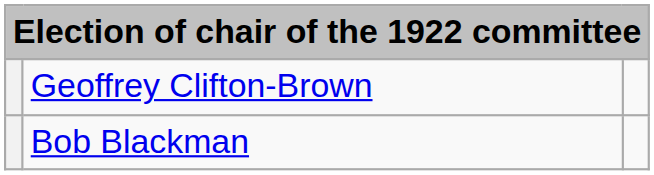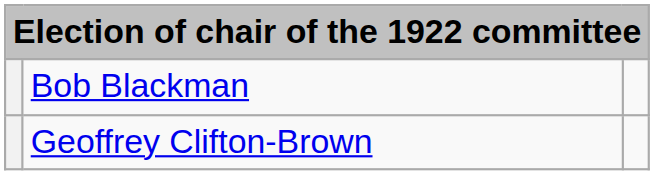 <table class="wikitable" style="text-align:center; font-size:98%;">
 <tr>
 <td colspan="3" align="center" bgcolor="#C0C0C0"><strong>Election of chair of the 1922 committee</strong></td>
 </tr>
 <tr>
 <th style="width:1px; background:"></th>
-<td style="text-align:left;"><a href='#'>Geoffrey Clifton-Brown</a></td>
+<td style="text-align:left;"><a href='#'>Bob Blackman</a></td>
 <td></td>
 </tr>
 <tr>
 <th style="width:1px; background:"></th>
-<td style="text-align:left;"><a href='#'>Bob Blackman</a></td>
+<td style="text-align:left;"><a href='#'>Geoffrey Clifton-Brown</a></td>
 <td></td>
 </tr>
 </table>
